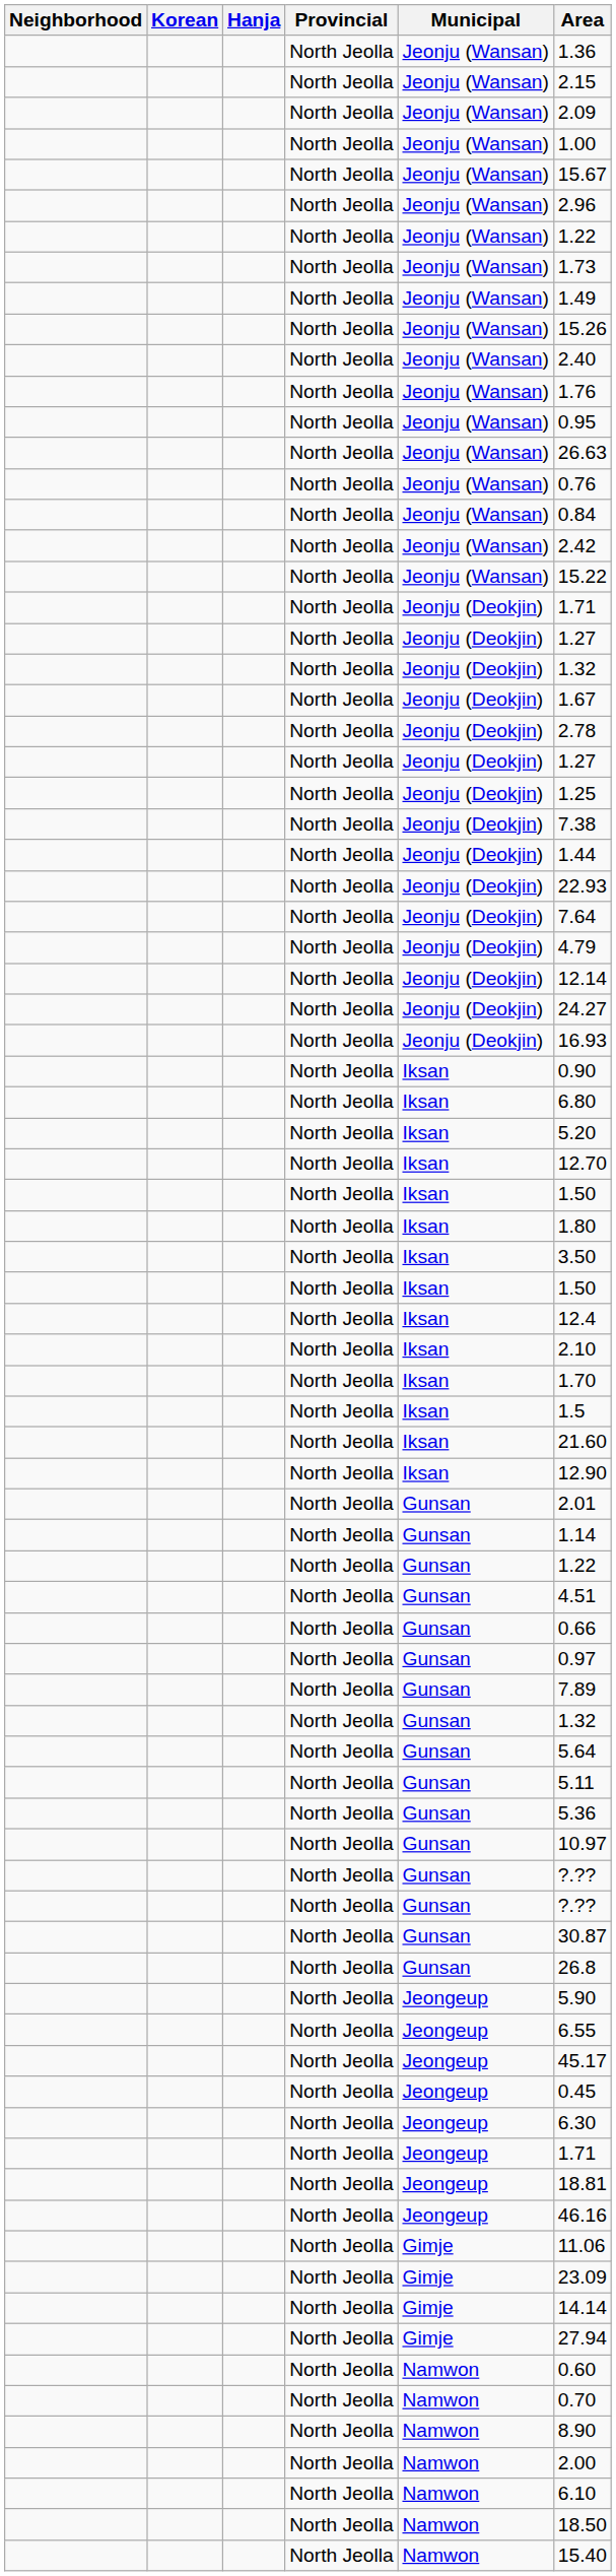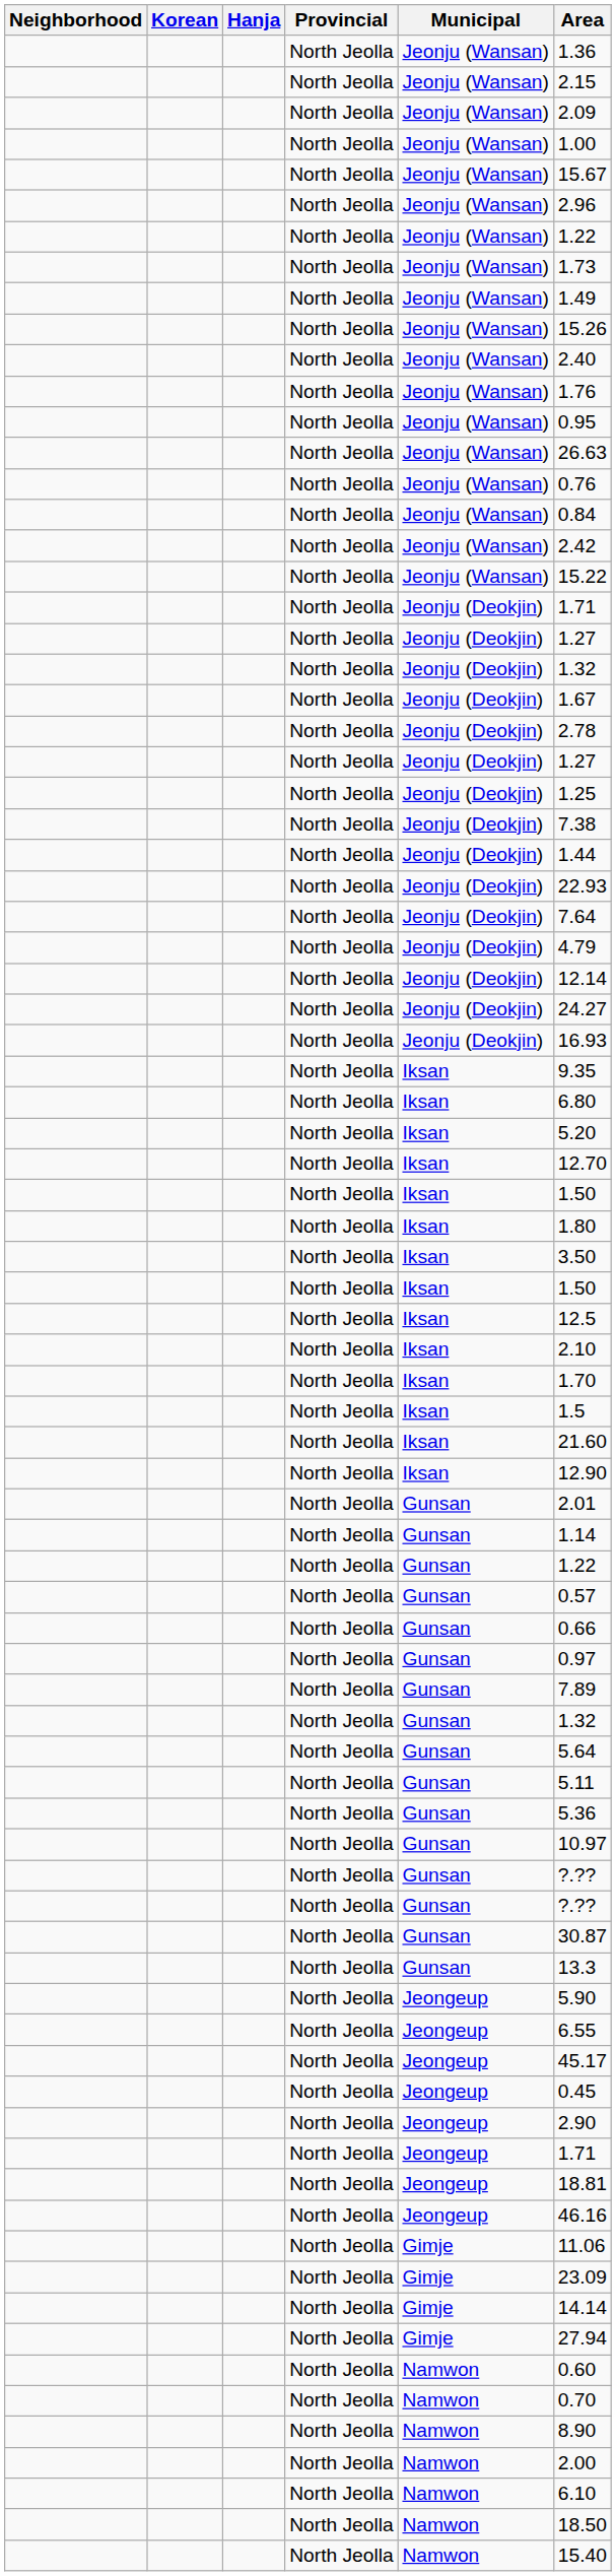 <table class="wikitable sortable">
 <tr>
 <th>Neighborhood</th>
 <th><a href='#'>Korean</a></th>
 <th><a href='#'>Hanja</a></th>
 <th>Provincial</th>
 <th>Municipal</th>
 <th>Area</th>
 </tr>
 <tr>
 <td></td>
 <td><span></span></td>
 <td><span></span></td>
 <td>North Jeolla</td>
 <td><a href='#'>Jeonju</a> (<a href='#'>Wansan</a>)</td>
 <td>1.36</td>
 </tr>
 <tr>
 <td></td>
 <td><span></span></td>
 <td><span></span></td>
 <td>North Jeolla</td>
 <td><a href='#'>Jeonju</a> (<a href='#'>Wansan</a>)</td>
 <td>2.15</td>
 </tr>
 <tr>
 <td></td>
 <td><span></span></td>
 <td><span></span></td>
 <td>North Jeolla</td>
 <td><a href='#'>Jeonju</a> (<a href='#'>Wansan</a>)</td>
 <td>2.09</td>
 </tr>
 <tr>
 <td></td>
 <td><span></span></td>
 <td><span></span></td>
 <td>North Jeolla</td>
 <td><a href='#'>Jeonju</a> (<a href='#'>Wansan</a>)</td>
 <td>1.00</td>
 </tr>
 <tr>
 <td></td>
 <td><span></span></td>
 <td><span></span></td>
 <td>North Jeolla</td>
 <td><a href='#'>Jeonju</a> (<a href='#'>Wansan</a>)</td>
 <td>15.67</td>
 </tr>
 <tr>
 <td></td>
 <td><span></span></td>
 <td><span></span></td>
 <td>North Jeolla</td>
 <td><a href='#'>Jeonju</a> (<a href='#'>Wansan</a>)</td>
 <td>2.96</td>
 </tr>
 <tr>
 <td></td>
 <td><span></span></td>
 <td><span></span></td>
 <td>North Jeolla</td>
 <td><a href='#'>Jeonju</a> (<a href='#'>Wansan</a>)</td>
 <td>1.22</td>
 </tr>
 <tr>
 <td></td>
 <td><span></span></td>
 <td><span></span></td>
 <td>North Jeolla</td>
 <td><a href='#'>Jeonju</a> (<a href='#'>Wansan</a>)</td>
 <td>1.73</td>
 </tr>
 <tr>
 <td></td>
 <td><span></span></td>
 <td><span></span></td>
 <td>North Jeolla</td>
 <td><a href='#'>Jeonju</a> (<a href='#'>Wansan</a>)</td>
 <td>1.49</td>
 </tr>
 <tr>
 <td></td>
 <td><span></span></td>
 <td><span></span></td>
 <td>North Jeolla</td>
 <td><a href='#'>Jeonju</a> (<a href='#'>Wansan</a>)</td>
 <td>15.26</td>
 </tr>
 <tr>
 <td></td>
 <td><span></span></td>
 <td><span></span></td>
 <td>North Jeolla</td>
 <td><a href='#'>Jeonju</a> (<a href='#'>Wansan</a>)</td>
 <td>2.40</td>
 </tr>
 <tr>
 <td></td>
 <td><span></span></td>
 <td><span></span></td>
 <td>North Jeolla</td>
 <td><a href='#'>Jeonju</a> (<a href='#'>Wansan</a>)</td>
 <td>1.76</td>
 </tr>
 <tr>
 <td></td>
 <td><span></span></td>
 <td><span></span></td>
 <td>North Jeolla</td>
 <td><a href='#'>Jeonju</a> (<a href='#'>Wansan</a>)</td>
 <td>0.95</td>
 </tr>
 <tr>
 <td></td>
 <td><span></span></td>
 <td><span></span></td>
 <td>North Jeolla</td>
 <td><a href='#'>Jeonju</a> (<a href='#'>Wansan</a>)</td>
 <td>26.63</td>
 </tr>
 <tr>
 <td></td>
 <td><span></span></td>
 <td><span></span></td>
 <td>North Jeolla</td>
 <td><a href='#'>Jeonju</a> (<a href='#'>Wansan</a>)</td>
 <td>0.76</td>
 </tr>
 <tr>
 <td></td>
 <td><span></span></td>
 <td><span></span></td>
 <td>North Jeolla</td>
 <td><a href='#'>Jeonju</a> (<a href='#'>Wansan</a>)</td>
 <td>0.84</td>
 </tr>
 <tr>
 <td></td>
 <td><span></span></td>
 <td><span></span></td>
 <td>North Jeolla</td>
 <td><a href='#'>Jeonju</a> (<a href='#'>Wansan</a>)</td>
 <td>2.42</td>
 </tr>
 <tr>
 <td></td>
 <td><span></span></td>
 <td><span></span></td>
 <td>North Jeolla</td>
 <td><a href='#'>Jeonju</a> (<a href='#'>Wansan</a>)</td>
 <td>15.22</td>
 </tr>
 <tr>
 <td></td>
 <td><span></span></td>
 <td><span></span></td>
 <td>North Jeolla</td>
 <td><a href='#'>Jeonju</a> (<a href='#'>Deokjin</a>)</td>
 <td>1.71</td>
 </tr>
 <tr>
 <td></td>
 <td><span></span></td>
 <td><span></span></td>
 <td>North Jeolla</td>
 <td><a href='#'>Jeonju</a> (<a href='#'>Deokjin</a>)</td>
 <td>1.27</td>
 </tr>
 <tr>
 <td></td>
 <td><span></span></td>
 <td><span></span></td>
 <td>North Jeolla</td>
 <td><a href='#'>Jeonju</a> (<a href='#'>Deokjin</a>)</td>
 <td>1.32</td>
 </tr>
 <tr>
 <td></td>
 <td><span></span></td>
 <td><span></span></td>
 <td>North Jeolla</td>
 <td><a href='#'>Jeonju</a> (<a href='#'>Deokjin</a>)</td>
 <td>1.67</td>
 </tr>
 <tr>
 <td></td>
 <td><span></span></td>
 <td><span></span></td>
 <td>North Jeolla</td>
 <td><a href='#'>Jeonju</a> (<a href='#'>Deokjin</a>)</td>
 <td>2.78</td>
 </tr>
 <tr>
 <td></td>
 <td><span></span></td>
 <td><span></span></td>
 <td>North Jeolla</td>
 <td><a href='#'>Jeonju</a> (<a href='#'>Deokjin</a>)</td>
 <td>1.27</td>
 </tr>
 <tr>
 <td></td>
 <td><span></span></td>
 <td><span></span></td>
 <td>North Jeolla</td>
 <td><a href='#'>Jeonju</a> (<a href='#'>Deokjin</a>)</td>
 <td>1.25</td>
 </tr>
 <tr>
 <td></td>
 <td><span></span></td>
 <td><span></span></td>
 <td>North Jeolla</td>
 <td><a href='#'>Jeonju</a> (<a href='#'>Deokjin</a>)</td>
 <td>7.38</td>
 </tr>
 <tr>
 <td></td>
 <td><span></span></td>
 <td><span></span></td>
 <td>North Jeolla</td>
 <td><a href='#'>Jeonju</a> (<a href='#'>Deokjin</a>)</td>
 <td>1.44</td>
 </tr>
 <tr>
 <td></td>
 <td><span></span></td>
 <td><span></span></td>
 <td>North Jeolla</td>
 <td><a href='#'>Jeonju</a> (<a href='#'>Deokjin</a>)</td>
 <td>22.93</td>
 </tr>
 <tr>
 <td></td>
 <td><span></span></td>
 <td><span></span></td>
 <td>North Jeolla</td>
 <td><a href='#'>Jeonju</a> (<a href='#'>Deokjin</a>)</td>
 <td>7.64</td>
 </tr>
 <tr>
 <td></td>
 <td><span></span></td>
 <td><span></span></td>
 <td>North Jeolla</td>
 <td><a href='#'>Jeonju</a> (<a href='#'>Deokjin</a>)</td>
 <td>4.79</td>
 </tr>
 <tr>
 <td></td>
 <td><span></span></td>
 <td><span></span></td>
 <td>North Jeolla</td>
 <td><a href='#'>Jeonju</a> (<a href='#'>Deokjin</a>)</td>
 <td>12.14</td>
 </tr>
 <tr>
 <td></td>
 <td><span></span></td>
 <td><span></span></td>
 <td>North Jeolla</td>
 <td><a href='#'>Jeonju</a> (<a href='#'>Deokjin</a>)</td>
 <td>24.27</td>
 </tr>
 <tr>
 <td></td>
 <td><span></span></td>
 <td><span></span></td>
 <td>North Jeolla</td>
 <td><a href='#'>Jeonju</a> (<a href='#'>Deokjin</a>)</td>
 <td>16.93</td>
 </tr>
 <tr>
 <td></td>
 <td><span></span></td>
 <td><span></span></td>
 <td>North Jeolla</td>
 <td><a href='#'>Iksan</a></td>
-<td>0.90</td>
+<td>9.35</td>
 </tr>
 <tr>
 <td></td>
 <td><span></span></td>
 <td><span></span></td>
 <td>North Jeolla</td>
 <td><a href='#'>Iksan</a></td>
 <td>6.80</td>
 </tr>
 <tr>
 <td></td>
 <td><span></span></td>
 <td><span></span></td>
 <td>North Jeolla</td>
 <td><a href='#'>Iksan</a></td>
 <td>5.20</td>
 </tr>
 <tr>
 <td></td>
 <td><span></span></td>
 <td><span></span></td>
 <td>North Jeolla</td>
 <td><a href='#'>Iksan</a></td>
 <td>12.70</td>
 </tr>
 <tr>
 <td></td>
 <td><span></span></td>
 <td><span></span></td>
 <td>North Jeolla</td>
 <td><a href='#'>Iksan</a></td>
 <td>1.50</td>
 </tr>
 <tr>
 <td></td>
 <td><span></span></td>
 <td><span></span></td>
 <td>North Jeolla</td>
 <td><a href='#'>Iksan</a></td>
 <td>1.80</td>
 </tr>
 <tr>
 <td></td>
 <td><span></span></td>
 <td><span></span></td>
 <td>North Jeolla</td>
 <td><a href='#'>Iksan</a></td>
 <td>3.50</td>
 </tr>
 <tr>
 <td></td>
 <td><span></span></td>
 <td><span></span></td>
 <td>North Jeolla</td>
 <td><a href='#'>Iksan</a></td>
 <td>1.50</td>
 </tr>
 <tr>
 <td></td>
 <td><span></span></td>
 <td><span></span></td>
 <td>North Jeolla</td>
 <td><a href='#'>Iksan</a></td>
-<td>12.4</td>
+<td>12.5</td>
 </tr>
 <tr>
 <td></td>
 <td><span></span></td>
 <td><span></span></td>
 <td>North Jeolla</td>
 <td><a href='#'>Iksan</a></td>
 <td>2.10</td>
 </tr>
 <tr>
 <td></td>
 <td><span></span></td>
 <td><span></span></td>
 <td>North Jeolla</td>
 <td><a href='#'>Iksan</a></td>
 <td>1.70</td>
 </tr>
 <tr>
 <td></td>
 <td><span></span></td>
 <td><span></span></td>
 <td>North Jeolla</td>
 <td><a href='#'>Iksan</a></td>
 <td>1.5</td>
 </tr>
 <tr>
 <td></td>
 <td><span></span></td>
 <td><span></span></td>
 <td>North Jeolla</td>
 <td><a href='#'>Iksan</a></td>
 <td>21.60</td>
 </tr>
 <tr>
 <td></td>
 <td><span></span></td>
 <td><span></span></td>
 <td>North Jeolla</td>
 <td><a href='#'>Iksan</a></td>
 <td>12.90</td>
 </tr>
 <tr>
 <td></td>
 <td><span></span></td>
 <td><span></span></td>
 <td>North Jeolla</td>
 <td><a href='#'>Gunsan</a></td>
 <td>2.01</td>
 </tr>
 <tr>
 <td></td>
 <td><span></span></td>
 <td><span></span></td>
 <td>North Jeolla</td>
 <td><a href='#'>Gunsan</a></td>
 <td>1.14</td>
 </tr>
 <tr>
 <td></td>
 <td><span></span></td>
 <td><span></span></td>
 <td>North Jeolla</td>
 <td><a href='#'>Gunsan</a></td>
 <td>1.22</td>
 </tr>
 <tr>
 <td></td>
 <td><span></span></td>
 <td><span></span></td>
 <td>North Jeolla</td>
 <td><a href='#'>Gunsan</a></td>
-<td>4.51</td>
+<td>0.57</td>
 </tr>
 <tr>
 <td></td>
 <td><span></span></td>
 <td><span></span></td>
 <td>North Jeolla</td>
 <td><a href='#'>Gunsan</a></td>
 <td>0.66</td>
 </tr>
 <tr>
 <td></td>
 <td><span></span></td>
 <td><span></span></td>
 <td>North Jeolla</td>
 <td><a href='#'>Gunsan</a></td>
 <td>0.97</td>
 </tr>
 <tr>
 <td></td>
 <td><span></span></td>
 <td><span></span></td>
 <td>North Jeolla</td>
 <td><a href='#'>Gunsan</a></td>
 <td>7.89</td>
 </tr>
 <tr>
 <td></td>
 <td><span></span></td>
 <td><span></span></td>
 <td>North Jeolla</td>
 <td><a href='#'>Gunsan</a></td>
 <td>1.32</td>
 </tr>
 <tr>
 <td></td>
 <td><span></span></td>
 <td><span></span></td>
 <td>North Jeolla</td>
 <td><a href='#'>Gunsan</a></td>
 <td>5.64</td>
 </tr>
 <tr>
 <td></td>
 <td><span></span></td>
 <td><span></span></td>
 <td>North Jeolla</td>
 <td><a href='#'>Gunsan</a></td>
 <td>5.11</td>
 </tr>
 <tr>
 <td></td>
 <td><span></span></td>
 <td><span></span></td>
 <td>North Jeolla</td>
 <td><a href='#'>Gunsan</a></td>
 <td>5.36</td>
 </tr>
 <tr>
 <td></td>
 <td><span></span></td>
 <td><span></span></td>
 <td>North Jeolla</td>
 <td><a href='#'>Gunsan</a></td>
 <td>10.97</td>
 </tr>
 <tr>
 <td></td>
 <td><span></span></td>
 <td><span></span></td>
 <td>North Jeolla</td>
 <td><a href='#'>Gunsan</a></td>
 <td>?.??</td>
 </tr>
 <tr>
 <td></td>
 <td><span></span></td>
 <td><span></span></td>
 <td>North Jeolla</td>
 <td><a href='#'>Gunsan</a></td>
 <td>?.??</td>
 </tr>
 <tr>
 <td></td>
 <td><span></span></td>
 <td><span></span></td>
 <td>North Jeolla</td>
 <td><a href='#'>Gunsan</a></td>
 <td>30.87</td>
 </tr>
 <tr>
 <td></td>
 <td><span></span></td>
 <td><span></span></td>
 <td>North Jeolla</td>
 <td><a href='#'>Gunsan</a></td>
-<td>26.8</td>
+<td>13.3</td>
 </tr>
 <tr>
 <td></td>
 <td><span></span></td>
 <td><span></span></td>
 <td>North Jeolla</td>
 <td><a href='#'>Jeongeup</a></td>
 <td>5.90</td>
 </tr>
 <tr>
 <td></td>
 <td><span></span></td>
 <td><span></span></td>
 <td>North Jeolla</td>
 <td><a href='#'>Jeongeup</a></td>
 <td>6.55</td>
 </tr>
 <tr>
 <td></td>
 <td><span></span></td>
 <td><span></span></td>
 <td>North Jeolla</td>
 <td><a href='#'>Jeongeup</a></td>
 <td>45.17</td>
 </tr>
 <tr>
 <td></td>
 <td><span></span></td>
 <td><span></span></td>
 <td>North Jeolla</td>
 <td><a href='#'>Jeongeup</a></td>
 <td>0.45</td>
 </tr>
 <tr>
 <td></td>
 <td><span></span></td>
 <td><span></span></td>
 <td>North Jeolla</td>
 <td><a href='#'>Jeongeup</a></td>
-<td>6.30</td>
+<td>2.90</td>
 </tr>
 <tr>
 <td></td>
 <td><span></span></td>
 <td><span></span></td>
 <td>North Jeolla</td>
 <td><a href='#'>Jeongeup</a></td>
 <td>1.71</td>
 </tr>
 <tr>
 <td></td>
 <td><span></span></td>
 <td><span></span></td>
 <td>North Jeolla</td>
 <td><a href='#'>Jeongeup</a></td>
 <td>18.81</td>
 </tr>
 <tr>
 <td></td>
 <td><span></span></td>
 <td><span></span></td>
 <td>North Jeolla</td>
 <td><a href='#'>Jeongeup</a></td>
 <td>46.16</td>
 </tr>
 <tr>
 <td></td>
 <td><span></span></td>
 <td><span></span></td>
 <td>North Jeolla</td>
 <td><a href='#'>Gimje</a></td>
 <td>11.06</td>
 </tr>
 <tr>
 <td></td>
 <td><span></span></td>
 <td><span></span></td>
 <td>North Jeolla</td>
 <td><a href='#'>Gimje</a></td>
 <td>23.09</td>
 </tr>
 <tr>
 <td></td>
 <td><span></span></td>
 <td><span></span></td>
 <td>North Jeolla</td>
 <td><a href='#'>Gimje</a></td>
 <td>14.14</td>
 </tr>
 <tr>
 <td></td>
 <td><span></span></td>
 <td><span></span></td>
 <td>North Jeolla</td>
 <td><a href='#'>Gimje</a></td>
 <td>27.94</td>
 </tr>
 <tr>
 <td></td>
 <td><span></span></td>
 <td><span></span></td>
 <td>North Jeolla</td>
 <td><a href='#'>Namwon</a></td>
 <td>0.60</td>
 </tr>
 <tr>
 <td></td>
 <td><span></span></td>
 <td><span></span></td>
 <td>North Jeolla</td>
 <td><a href='#'>Namwon</a></td>
 <td>0.70</td>
 </tr>
 <tr>
 <td></td>
 <td><span></span></td>
 <td><span></span></td>
 <td>North Jeolla</td>
 <td><a href='#'>Namwon</a></td>
 <td>8.90</td>
 </tr>
 <tr>
 <td></td>
 <td><span></span></td>
 <td><span></span></td>
 <td>North Jeolla</td>
 <td><a href='#'>Namwon</a></td>
 <td>2.00</td>
 </tr>
 <tr>
 <td></td>
 <td><span></span></td>
 <td><span></span></td>
 <td>North Jeolla</td>
 <td><a href='#'>Namwon</a></td>
 <td>6.10</td>
 </tr>
 <tr>
 <td></td>
 <td><span></span></td>
 <td><span></span></td>
 <td>North Jeolla</td>
 <td><a href='#'>Namwon</a></td>
 <td>18.50</td>
 </tr>
 <tr>
 <td></td>
 <td><span></span></td>
 <td><span></span></td>
 <td>North Jeolla</td>
 <td><a href='#'>Namwon</a></td>
 <td>15.40</td>
 </tr>
 </table>
